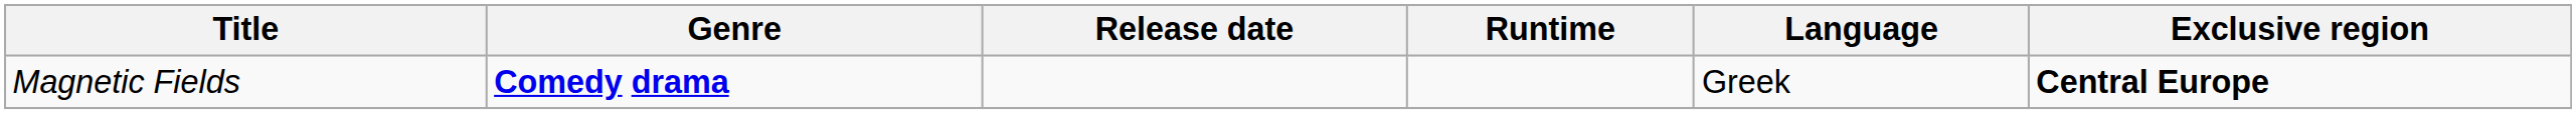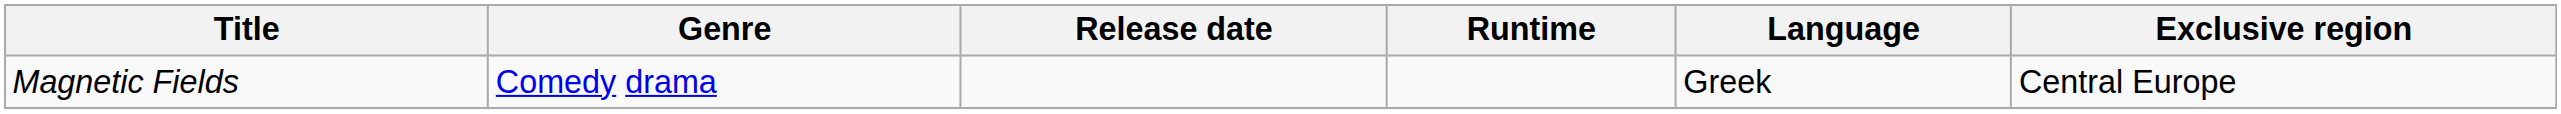 <table class="wikitable sortable" style="width:100%;">
 <tr>
 <th>Title</th>
 <th>Genre</th>
 <th>Release date</th>
 <th>Runtime</th>
 <th>Language</th>
 <th>Exclusive region</th>
 </tr>
 <tr>
 <td><em>Magnetic Fields</em></td>
-<td><strong><a href='#'>Comedy</a> <a href='#'>drama</a></strong></td>
+<td><a href='#'>Comedy</a> <a href='#'>drama</a></td>
 <td></td>
 <td></td>
 <td>Greek</td>
-<td><strong>Central Europe</strong></td>
+<td>Central Europe</td>
 </tr>
 <tr>
 </tr>
 </table>
